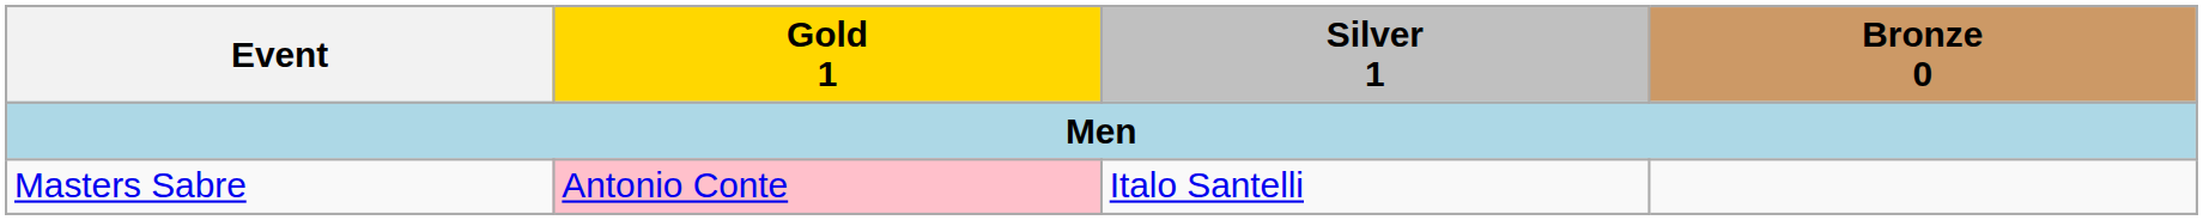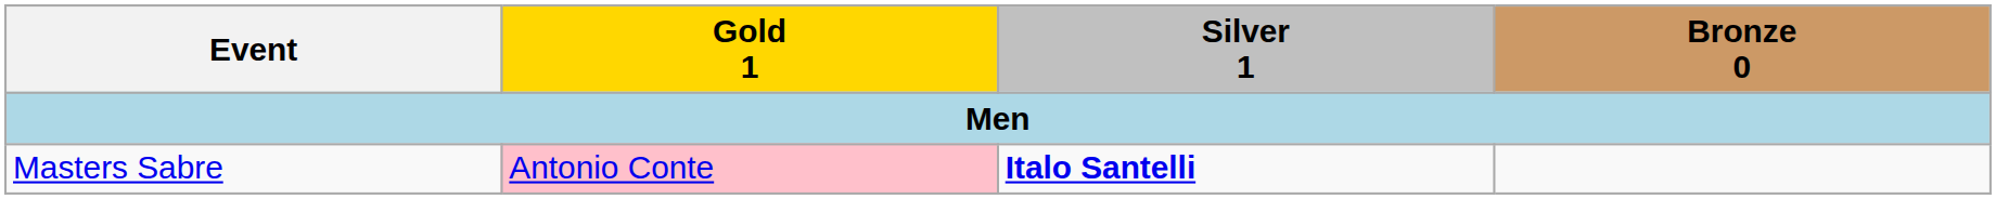 <table class="wikitable" width=70% style="font-size:90%; text-align:left;">
 <tr>
 <th width=25%>Event</th>
 <th width=25% style="background-color:gold">Gold<br>1</th>
 <th width=25% style="background-color:silver">Silver<br>1</th>
 <th width=25% style="background-color:#cc9966">Bronze<br>0</th>
 </tr>
 <tr>
 <td colspan=4 align=center bgcolor=lightblue><strong>Men</strong></td>
 </tr>
 <tr>
 <td><a href='#'>Masters Sabre</a></td>
 <td style="background: pink;"><a href='#'>Antonio Conte</a></td>
-<td><a href='#'>Italo Santelli</a></td>
+<td><strong><a href='#'>Italo Santelli</a></strong></td>
 <td></td>
 </tr>
 </table>
